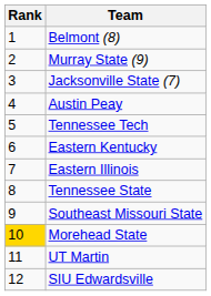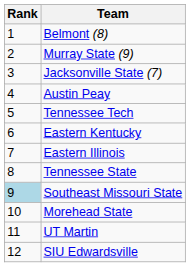 <table class="wikitable">
 <tr>
 <th>Rank</th>
 <th>Team</th>
 </tr>
 <tr>
 <td>1</td>
 <td><a href='#'>Belmont</a> <em>(8)</em></td>
 </tr>
 <tr>
 <td>2</td>
 <td><a href='#'>Murray State</a>  <em>(9)</em></td>
 </tr>
 <tr>
 <td>3</td>
 <td><a href='#'>Jacksonville State</a> <em>(7)</em></td>
 </tr>
 <tr>
 <td>4</td>
 <td><a href='#'>Austin Peay</a></td>
 </tr>
 <tr>
 <td>5</td>
 <td><a href='#'>Tennessee Tech</a></td>
 </tr>
 <tr>
 <td>6</td>
 <td><a href='#'>Eastern Kentucky</a></td>
 </tr>
 <tr>
 <td>7</td>
 <td><a href='#'>Eastern Illinois</a></td>
 </tr>
 <tr>
 <td>8</td>
 <td><a href='#'>Tennessee State</a></td>
 </tr>
 <tr>
-<td>9</td>
+<td style="background: lightblue;">9</td>
 <td><a href='#'>Southeast Missouri State</a></td>
 </tr>
 <tr>
-<td style="background: gold;">10</td>
+<td>10</td>
 <td><a href='#'>Morehead State</a></td>
 </tr>
 <tr>
 <td>11</td>
 <td><a href='#'>UT Martin</a></td>
 </tr>
 <tr>
 <td>12</td>
 <td><a href='#'>SIU Edwardsville</a></td>
 </tr>
 </table>
